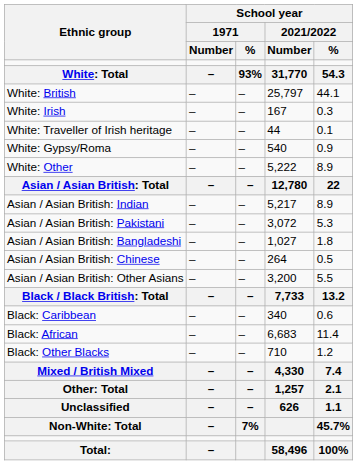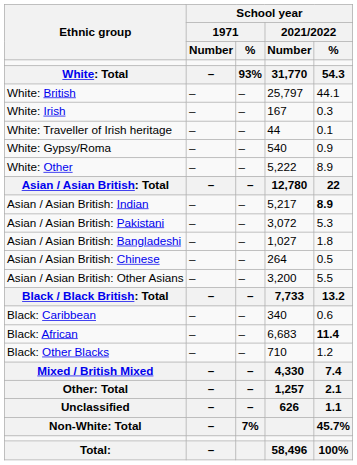 <table class="wikitable">
 <tr>
 <th rowspan="3">Ethnic group</th>
 <th colspan="4">School year</th>
 </tr>
 <tr>
 <th colspan="2">1971</th>
 <th colspan="2">2021/2022</th>
 </tr>
 <tr>
 <th>Number</th>
 <th>%</th>
 <th>Number</th>
 <th>%</th>
 </tr>
 <tr>
 <td></td>
 <td></td>
 <td></td>
 <td></td>
 <td></td>
 </tr>
 <tr>
 <th><a href='#'>White</a>: Total</th>
 <th>–</th>
 <th>93%</th>
 <th>31,770</th>
 <th>54.3</th>
 </tr>
 <tr>
 <td>White: <a href='#'>British</a></td>
 <td>–</td>
 <td>–</td>
 <td>25,797</td>
 <td>44.1</td>
 </tr>
 <tr>
 <td>White: <a href='#'>Irish</a></td>
 <td>–</td>
 <td>–</td>
 <td>167</td>
 <td>0.3</td>
 </tr>
 <tr>
 <td>White: Traveller of Irish heritage</td>
 <td>–</td>
 <td>–</td>
 <td>44</td>
 <td>0.1</td>
 </tr>
 <tr>
 <td>White: Gypsy/Roma</td>
 <td>–</td>
 <td>–</td>
 <td>540</td>
 <td>0.9</td>
 </tr>
 <tr>
 <td>White: <a href='#'>Other</a></td>
 <td>–</td>
 <td>–</td>
 <td>5,222</td>
 <td>8.9</td>
 </tr>
 <tr>
 <th><a href='#'>Asian / Asian British</a>: Total</th>
 <th>–</th>
 <th>–</th>
 <th>12,780</th>
 <th>22</th>
 </tr>
 <tr>
 <td>Asian / Asian British: <a href='#'>Indian</a></td>
 <td>–</td>
 <td>–</td>
 <td>5,217</td>
-<td>8.9</td>
+<td><strong>8.9</strong></td>
 </tr>
 <tr>
 <td>Asian / Asian British: <a href='#'>Pakistani</a></td>
 <td>–</td>
 <td>–</td>
 <td>3,072</td>
 <td>5.3</td>
 </tr>
 <tr>
 <td>Asian / Asian British: <a href='#'>Bangladeshi</a></td>
 <td>–</td>
 <td>–</td>
 <td>1,027</td>
 <td>1.8</td>
 </tr>
 <tr>
 <td>Asian / Asian British: <a href='#'>Chinese</a></td>
 <td>–</td>
 <td>–</td>
 <td>264</td>
 <td>0.5</td>
 </tr>
 <tr>
 <td>Asian / Asian British: Other Asians</td>
 <td>–</td>
 <td>–</td>
 <td>3,200</td>
 <td>5.5</td>
 </tr>
 <tr>
 <th><a href='#'>Black / Black British</a>: Total</th>
 <th>–</th>
 <th>–</th>
 <th>7,733</th>
 <th>13.2</th>
 </tr>
 <tr>
 <td>Black: <a href='#'>Caribbean</a></td>
 <td>–</td>
 <td>–</td>
 <td>340</td>
 <td>0.6</td>
 </tr>
 <tr>
 <td>Black: <a href='#'>African</a></td>
 <td>–</td>
 <td>–</td>
 <td>6,683</td>
-<td>11.4</td>
+<td><strong>11.4</strong></td>
 </tr>
 <tr>
 <td>Black: <a href='#'>Other Blacks</a></td>
 <td>–</td>
 <td>–</td>
 <td>710</td>
 <td>1.2</td>
 </tr>
 <tr>
 <th><a href='#'>Mixed / British Mixed</a></th>
 <th>–</th>
 <th>–</th>
 <th>4,330</th>
 <th>7.4</th>
 </tr>
 <tr>
 <th>Other: Total</th>
 <th>–</th>
 <th>–</th>
 <th>1,257</th>
 <th>2.1</th>
 </tr>
 <tr>
 <th>Unclassified</th>
 <th>–</th>
 <th>–</th>
 <th>626</th>
 <th>1.1</th>
 </tr>
 <tr>
 <th>Non-White: Total</th>
 <th>–</th>
 <th>7%</th>
 <th></th>
 <th>45.7%</th>
 </tr>
 <tr>
 <td></td>
 <td></td>
 <td></td>
 <td></td>
 <td></td>
 </tr>
 <tr>
 <th>Total:</th>
 <th>–</th>
 <th></th>
 <th>58,496</th>
 <th>100%</th>
 </tr>
 </table>
